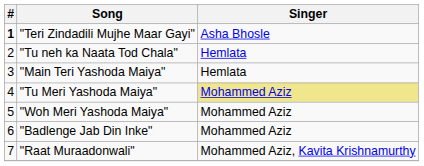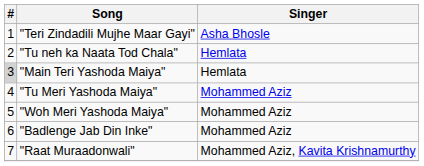 <table class="wikitable">
 <tr>
 <th>#</th>
 <th>Song</th>
 <th>Singer</th>
 </tr>
 <tr>
-<td><strong>1</strong></td>
+<td>1</td>
 <td>"Teri Zindadili Mujhe Maar Gayi"</td>
 <td><a href='#'>Asha Bhosle</a></td>
 </tr>
 <tr>
 <td>2</td>
 <td>"Tu neh ka Naata Tod Chala"</td>
 <td><a href='#'>Hemlata</a></td>
 </tr>
 <tr>
-<td>3</td>
+<td style="background: lightgrey;">3</td>
 <td>"Main Teri Yashoda Maiya"</td>
 <td>Hemlata</td>
 </tr>
 <tr>
 <td>4</td>
 <td>"Tu Meri Yashoda Maiya"</td>
-<td style="background: khaki;"><a href='#'>Mohammed Aziz</a></td>
+<td><a href='#'>Mohammed Aziz</a></td>
 </tr>
 <tr>
 <td>5</td>
 <td>"Woh Meri Yashoda Maiya"</td>
 <td>Mohammed Aziz</td>
 </tr>
 <tr>
 <td>6</td>
 <td>"Badlenge Jab Din Inke"</td>
 <td>Mohammed Aziz</td>
 </tr>
 <tr>
 <td>7</td>
 <td>"Raat Muraadonwali"</td>
 <td>Mohammed Aziz, <a href='#'>Kavita Krishnamurthy</a></td>
 </tr>
 <tr>
 </tr>
 </table>
